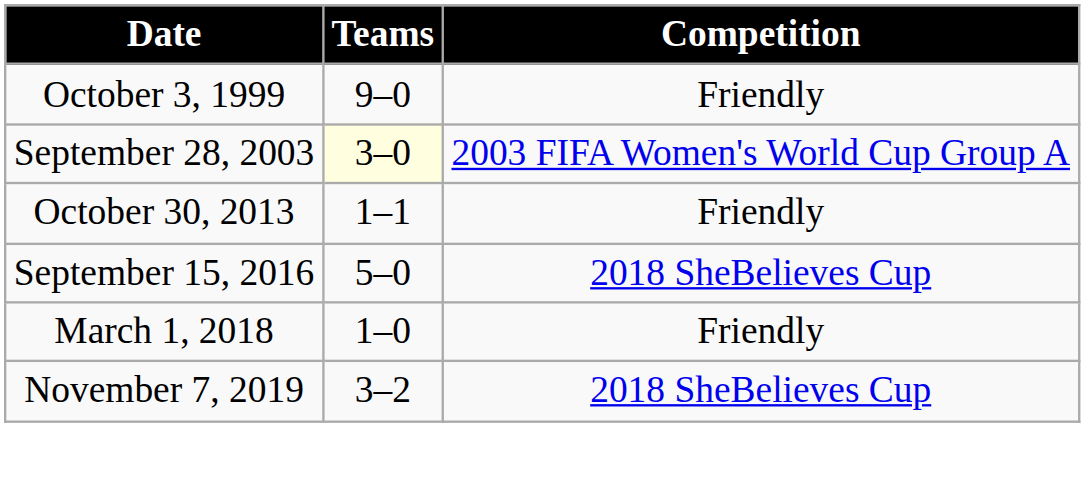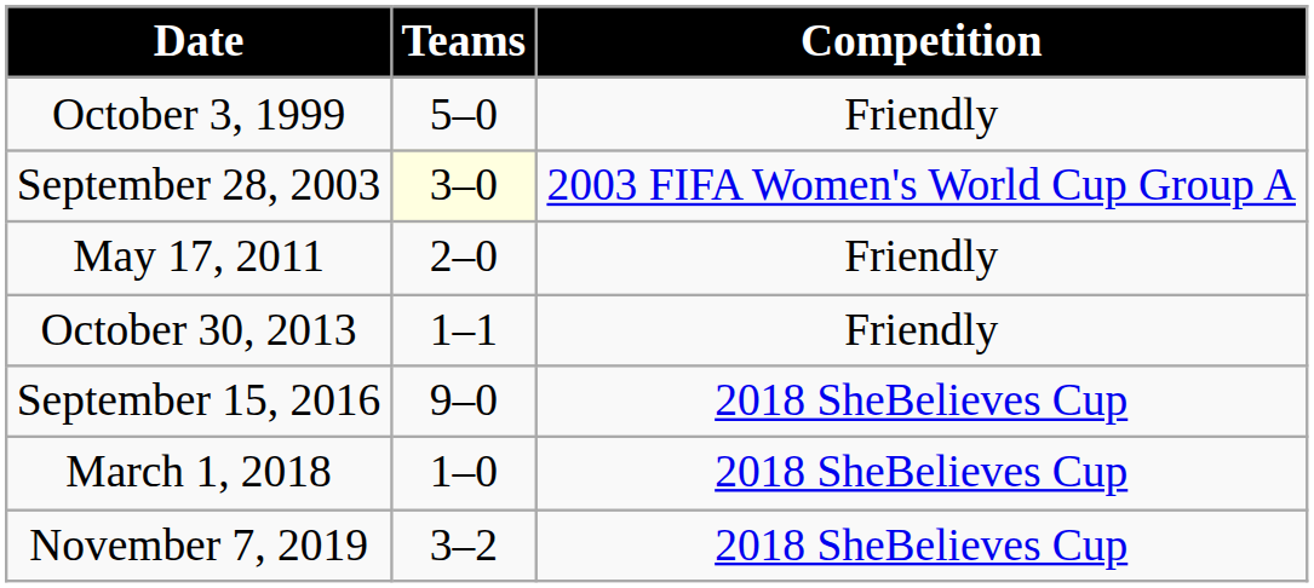 <table class="wikitable sortable" style="text-align:center">
 <tr>
 <th style="background:#000; color:#FFF; ">Date</th>
 <th style="background:#000; color:#FFF; ">Teams</th>
 <th style="background:#000; color:#FFF; ">Competition</th>
 </tr>
 <tr>
 <td>October 3, 1999</td>
-<td> 9–0 </td>
+<td> 5–0 </td>
 <td>Friendly</td>
 </tr>
 <tr>
 <td>September 28, 2003</td>
 <td style="background: lightyellow;"> 3–0 </td>
 <td><a href='#'>2003 FIFA Women's World Cup Group A</a></td>
 </tr>
 <tr>
+<td>May 17, 2011</td>
+<td> 2–0 </td>
+<td>Friendly</td>
+</tr>
+<tr>
 <td>October 30, 2013</td>
 <td> 1–1 </td>
 <td>Friendly</td>
 </tr>
 <tr>
 <td>September 15, 2016</td>
-<td> 5–0 </td>
+<td> 9–0 </td>
 <td><a href='#'>2018 SheBelieves Cup</a></td>
 </tr>
 <tr>
 <td>March 1, 2018</td>
 <td> 1–0 </td>
-<td>Friendly</td>
+<td><a href='#'>2018 SheBelieves Cup</a></td>
 </tr>
 <tr>
 <td>November 7, 2019</td>
 <td> 3–2 </td>
 <td><a href='#'>2018 SheBelieves Cup</a></td>
 </tr>
 </table>
